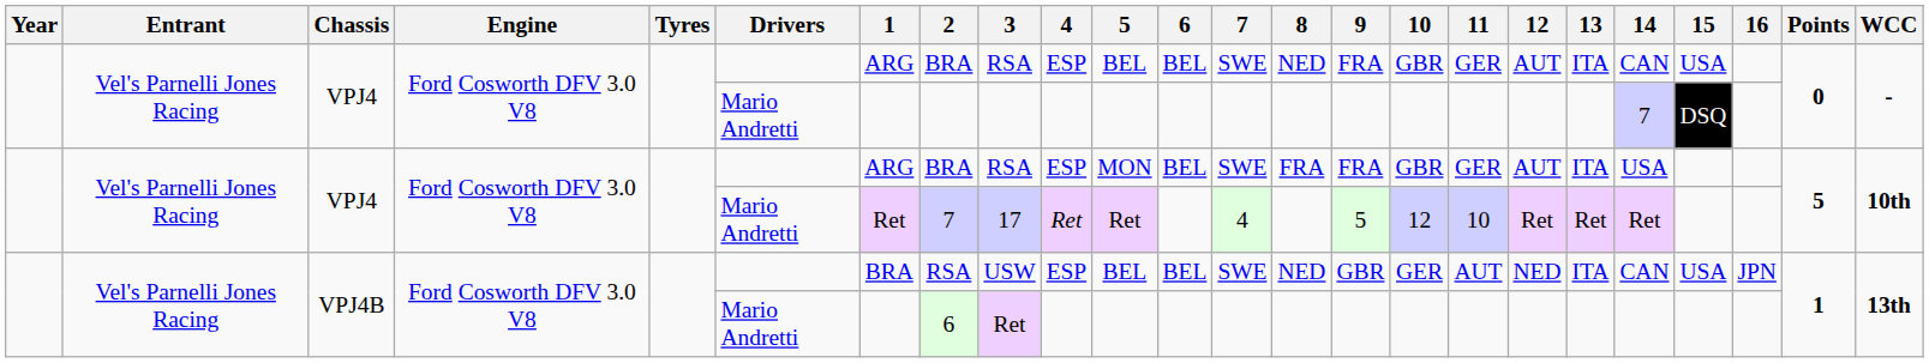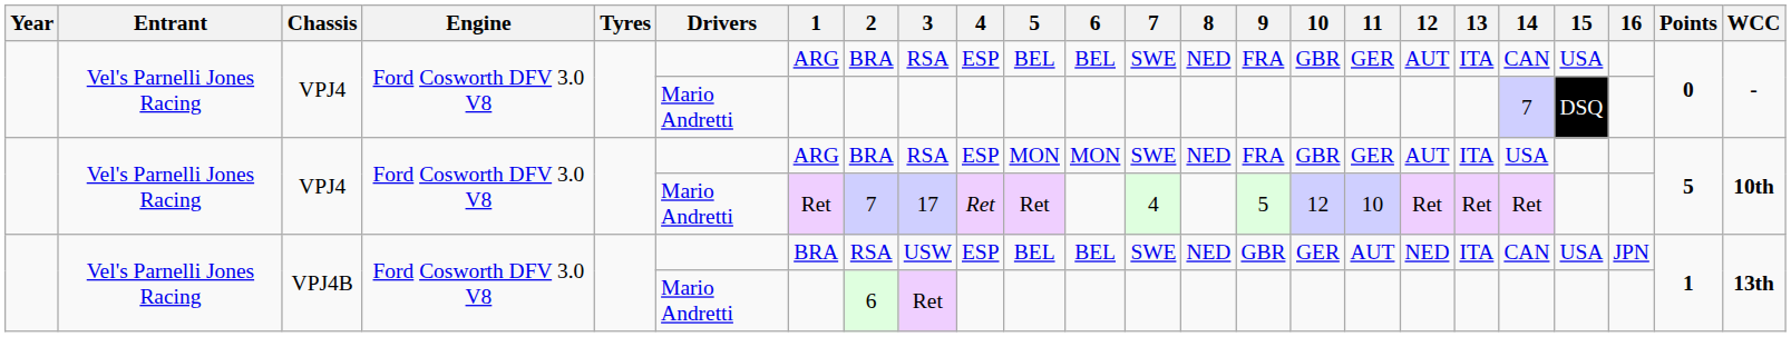 <table class="wikitable" style="text-align:center; font-size:95%">
 <tr>
 <th>Year</th>
 <th>Entrant</th>
 <th>Chassis</th>
 <th>Engine</th>
 <th>Tyres</th>
 <th>Drivers</th>
 <th>1</th>
 <th>2</th>
 <th>3</th>
 <th>4</th>
 <th>5</th>
 <th>6</th>
 <th>7</th>
 <th>8</th>
 <th>9</th>
 <th>10</th>
 <th>11</th>
 <th>12</th>
 <th>13</th>
 <th>14</th>
 <th>15</th>
 <th>16</th>
 <th>Points</th>
 <th>WCC</th>
 </tr>
 <tr>
 <td rowspan="2"></td>
 <td rowspan="2"><a href='#'>Vel's Parnelli Jones Racing</a></td>
 <td rowspan="2">VPJ4</td>
 <td rowspan="2"><a href='#'>Ford</a> <a href='#'>Cosworth DFV</a> 3.0 <a href='#'>V8</a></td>
 <td rowspan="2"></td>
 <td></td>
 <td><a href='#'>ARG</a></td>
 <td><a href='#'>BRA</a></td>
 <td><a href='#'>RSA</a></td>
 <td><a href='#'>ESP</a></td>
 <td><a href='#'>BEL</a></td>
 <td><a href='#'>BEL</a></td>
 <td><a href='#'>SWE</a></td>
 <td><a href='#'>NED</a></td>
 <td><a href='#'>FRA</a></td>
 <td><a href='#'>GBR</a></td>
 <td><a href='#'>GER</a></td>
 <td><a href='#'>AUT</a></td>
 <td><a href='#'>ITA</a></td>
 <td><a href='#'>CAN</a></td>
 <td><a href='#'>USA</a></td>
 <td></td>
 <td rowspan="2"><strong>0</strong></td>
 <td rowspan="2"><strong>-</strong></td>
 </tr>
 <tr>
 <td align="left"><a href='#'>Mario Andretti</a></td>
 <td></td>
 <td></td>
 <td></td>
 <td></td>
 <td></td>
 <td></td>
 <td></td>
 <td></td>
 <td></td>
 <td></td>
 <td></td>
 <td></td>
 <td></td>
 <td style="background:#CFCFFF;">7</td>
 <td style="background:#000000; color:white">DSQ</td>
 <td></td>
 </tr>
 <tr>
 <td rowspan="2"></td>
 <td rowspan="2"><a href='#'>Vel's Parnelli Jones Racing</a></td>
 <td rowspan="2">VPJ4</td>
 <td rowspan="2"><a href='#'>Ford</a> <a href='#'>Cosworth DFV</a> 3.0 <a href='#'>V8</a></td>
 <td rowspan="2"><br></td>
 <td></td>
 <td><a href='#'>ARG</a></td>
 <td><a href='#'>BRA</a></td>
 <td><a href='#'>RSA</a></td>
 <td><a href='#'>ESP</a></td>
 <td><a href='#'>MON</a></td>
-<td><a href='#'>BEL</a></td>
+<td><a href='#'>MON</a></td>
 <td><a href='#'>SWE</a></td>
-<td><a href='#'>FRA</a></td>
+<td><a href='#'>NED</a></td>
 <td><a href='#'>FRA</a></td>
 <td><a href='#'>GBR</a></td>
 <td><a href='#'>GER</a></td>
 <td><a href='#'>AUT</a></td>
 <td><a href='#'>ITA</a></td>
 <td><a href='#'>USA</a></td>
 <td></td>
 <td></td>
 <td rowspan="2"><strong>5</strong></td>
 <td rowspan="2"><strong>10th</strong></td>
 </tr>
 <tr>
 <td align="left"><a href='#'>Mario Andretti</a></td>
 <td style="background:#EFCFFF;">Ret</td>
 <td style="background:#CFCFFF;">7</td>
 <td style="background:#CFCFFF;">17</td>
 <td style="background:#EFCFFF;"><em>Ret</em></td>
 <td style="background:#EFCFFF;">Ret</td>
 <td></td>
 <td style="background:#DFFFDF;">4</td>
 <td></td>
 <td style="background:#DFFFDF;">5</td>
 <td style="background:#CFCFFF;">12</td>
 <td style="background:#CFCFFF;">10</td>
 <td style="background:#EFCFFF;">Ret</td>
 <td style="background:#EFCFFF;">Ret</td>
 <td style="background:#EFCFFF;">Ret</td>
 <td></td>
 <td></td>
 </tr>
 <tr>
 <td rowspan="2"></td>
 <td rowspan="2"><a href='#'>Vel's Parnelli Jones Racing</a></td>
 <td rowspan="2">VPJ4B</td>
 <td rowspan="2"><a href='#'>Ford</a> <a href='#'>Cosworth DFV</a> 3.0 <a href='#'>V8</a></td>
 <td rowspan="2"></td>
 <td></td>
 <td><a href='#'>BRA</a></td>
 <td><a href='#'>RSA</a></td>
 <td><a href='#'>USW</a></td>
 <td><a href='#'>ESP</a></td>
 <td><a href='#'>BEL</a></td>
 <td><a href='#'>BEL</a></td>
 <td><a href='#'>SWE</a></td>
 <td><a href='#'>NED</a></td>
 <td><a href='#'>GBR</a></td>
 <td><a href='#'>GER</a></td>
 <td><a href='#'>AUT</a></td>
 <td><a href='#'>NED</a></td>
 <td><a href='#'>ITA</a></td>
 <td><a href='#'>CAN</a></td>
 <td><a href='#'>USA</a></td>
 <td><a href='#'>JPN</a></td>
 <td rowspan="2"><strong>1</strong></td>
 <td rowspan="2"><strong>13th</strong></td>
 </tr>
 <tr>
 <td align="left"><a href='#'>Mario Andretti</a></td>
 <td></td>
 <td style="background:#DFFFDF;">6</td>
 <td style="background:#EFCFFF;">Ret</td>
 <td></td>
 <td></td>
 <td></td>
 <td></td>
 <td></td>
 <td></td>
 <td></td>
 <td></td>
 <td></td>
 <td></td>
 <td></td>
 <td></td>
 <td></td>
 </tr>
 </table>
